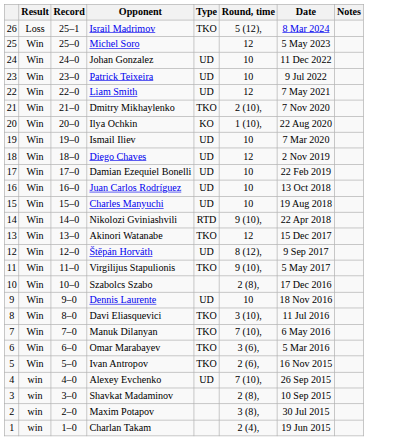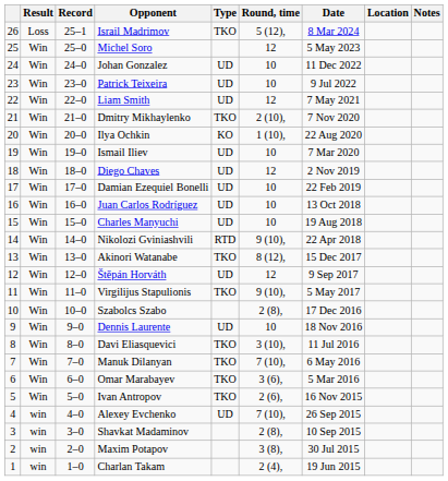 <table class="wikitable" style="text-align:center">
 <tr>
 <th></th>
 <th>Result</th>
 <th>Record</th>
 <th>Opponent</th>
 <th>Type</th>
 <th>Round, time</th>
 <th>Date</th>
+<th>Location</th>
 <th>Notes</th>
 </tr>
 <tr>
 <td>26</td>
 <td>Loss</td>
 <td>25–1</td>
 <td align=left><a href='#'>Israil Madrimov</a></td>
 <td>TKO</td>
 <td>5 (12), </td>
 <td><a href='#'>8 Mar 2024</a></td>
 <td align=left></td>
+<td align=left></td>
 </tr>
 <tr>
 <td>25</td>
 <td>Win</td>
 <td>25–0</td>
 <td style="text-align:left;"><a href='#'>Michel Soro</a></td>
 <td></td>
 <td>12</td>
 <td>5 May 2023</td>
+<td style="text-align:left;"></td>
 <td></td>
 </tr>
 <tr>
 <td>24</td>
 <td>Win</td>
 <td>24–0</td>
 <td style="text-align:left;">Johan Gonzalez</td>
 <td>UD</td>
 <td>10</td>
 <td>11 Dec 2022</td>
+<td style="text-align:left;"></td>
 <td></td>
 </tr>
 <tr>
 <td>23</td>
 <td>Win</td>
 <td>23–0</td>
 <td style="text-align:left;"><a href='#'>Patrick Teixeira</a></td>
 <td>UD</td>
 <td>10</td>
 <td>9 Jul 2022</td>
+<td style="text-align:left;"></td>
 <td></td>
 </tr>
 <tr>
 <td>22</td>
 <td>Win</td>
 <td>22–0</td>
 <td style="text-align:left;"><a href='#'>Liam Smith</a></td>
 <td>UD</td>
 <td>12</td>
 <td>7 May 2021</td>
 <td style="text-align:left;"></td>
+<td style="text-align:left;"></td>
 </tr>
 <tr>
 <td>21</td>
 <td>Win</td>
 <td>21–0</td>
 <td style="text-align:left;">Dmitry Mikhaylenko</td>
 <td>TKO</td>
 <td>2 (10), </td>
 <td>7 Nov 2020</td>
+<td style="text-align:left;"></td>
 <td style="text-align:left;"></td>
 </tr>
 <tr>
 <td>20</td>
 <td>Win</td>
 <td>20–0</td>
 <td style="text-align:left;">Ilya Ochkin</td>
 <td>KO</td>
 <td>1 (10), </td>
 <td>22 Aug 2020</td>
 <td style="text-align:left;"></td>
+<td style="text-align:left;"></td>
 </tr>
 <tr>
 <td>19</td>
 <td>Win</td>
 <td>19–0</td>
 <td style="text-align:left;">Ismail Iliev</td>
 <td>UD</td>
 <td>10</td>
 <td>7 Mar 2020</td>
+<td style="text-align:left;"></td>
 <td style="text-align:left;"></td>
 </tr>
 <tr>
 <td>18</td>
 <td>Win</td>
 <td>18–0</td>
 <td style="text-align:left;"><a href='#'>Diego Chaves</a></td>
 <td>UD</td>
 <td>12</td>
 <td>2 Nov 2019</td>
 <td style="text-align:left;"></td>
+<td style="text-align:left;"></td>
 </tr>
 <tr>
 <td>17</td>
 <td>Win</td>
 <td>17–0</td>
 <td style="text-align:left;">Damian Ezequiel Bonelli</td>
 <td>UD</td>
 <td>10</td>
 <td>22 Feb 2019</td>
+<td style="text-align:left;"></td>
 <td style="text-align:left;"></td>
 </tr>
 <tr>
 <td>16</td>
 <td>Win</td>
 <td>16–0</td>
 <td style="text-align:left;"><a href='#'>Juan Carlos Rodríguez</a></td>
 <td>UD</td>
 <td>10</td>
 <td>13 Oct 2018</td>
 <td style="text-align:left;"></td>
+<td style="text-align:left;"></td>
 </tr>
 <tr>
 <td>15</td>
 <td>Win</td>
 <td>15–0</td>
 <td style="text-align:left;"><a href='#'>Charles Manyuchi</a></td>
 <td>UD</td>
 <td>10</td>
 <td>19 Aug 2018</td>
+<td style="text-align:left;"></td>
 <td style="text-align:left;"></td>
 </tr>
 <tr>
 <td>14</td>
 <td>Win</td>
 <td>14–0</td>
 <td style="text-align:left;">Nikolozi Gviniashvili</td>
 <td>RTD</td>
 <td>9 (10), </td>
 <td>22 Apr 2018</td>
 <td style="text-align:left;"></td>
+<td style="text-align:left;"></td>
 </tr>
 <tr>
 <td>13</td>
 <td>Win</td>
 <td>13–0</td>
 <td style="text-align:left;">Akinori Watanabe</td>
 <td>TKO</td>
-<td>12</td>
+<td>8 (12), </td>
 <td>15 Dec 2017</td>
+<td style="text-align:left;"></td>
 <td style="text-align:left;"></td>
 </tr>
 <tr>
 <td>12</td>
 <td>Win</td>
 <td>12–0</td>
 <td style="text-align:left;"><a href='#'>Štěpán Horváth</a></td>
 <td>UD</td>
-<td>8 (12), </td>
+<td>12</td>
 <td>9 Sep 2017</td>
+<td style="text-align:left;"></td>
 <td style="text-align:left;"></td>
 </tr>
 <tr>
 <td>11</td>
 <td>Win</td>
 <td>11–0</td>
 <td style="text-align:left;">Virgilijus Stapulionis</td>
 <td>TKO</td>
 <td>9 (10), </td>
 <td>5 May 2017</td>
 <td style="text-align:left;"></td>
+<td style="text-align:left;"></td>
 </tr>
 <tr>
 <td>10</td>
 <td>Win</td>
 <td>10–0</td>
 <td style="text-align:left;">Szabolcs Szabo</td>
 <td></td>
 <td>2 (8), </td>
 <td>17 Dec 2016</td>
+<td style="text-align:left;"></td>
 <td style="text-align:left;"></td>
 </tr>
 <tr>
 <td>9</td>
 <td>Win</td>
 <td>9–0</td>
 <td style="text-align:left;"><a href='#'>Dennis Laurente</a></td>
 <td>UD</td>
 <td>10</td>
 <td>18 Nov 2016</td>
 <td style="text-align:left;"></td>
+<td style="text-align:left;"></td>
 </tr>
 <tr>
 <td>8</td>
 <td>Win</td>
 <td>8–0</td>
 <td style="text-align:left;">Davi Eliasquevici</td>
 <td>TKO</td>
 <td>3 (10), </td>
 <td>11 Jul 2016</td>
+<td style="text-align:left;"></td>
 <td style="text-align:left;"></td>
 </tr>
 <tr>
 <td>7</td>
 <td>Win</td>
 <td>7–0</td>
 <td style="text-align:left;">Manuk Dilanyan</td>
 <td>TKO</td>
 <td>7 (10), </td>
 <td>6 May 2016</td>
 <td style="text-align:left;"></td>
+<td style="text-align:left;"></td>
 </tr>
 <tr>
 <td>6</td>
 <td>Win</td>
 <td>6–0</td>
 <td style="text-align:left;">Omar Marabayev</td>
 <td>TKO</td>
 <td>3 (6), </td>
 <td>5 Mar 2016</td>
+<td style="text-align:left;"></td>
 <td></td>
 </tr>
 <tr>
 <td>5</td>
 <td>Win</td>
 <td>5–0</td>
 <td style="text-align:left;">Ivan Antropov</td>
 <td>TKO</td>
 <td>2 (6), </td>
 <td>16 Nov 2015</td>
+<td style="text-align:left;"></td>
 <td></td>
 </tr>
 <tr>
 <td>4</td>
 <td>win</td>
 <td>4–0</td>
 <td style="text-align:left;">Alexey Evchenko</td>
 <td>UD</td>
 <td>7 (10), </td>
 <td>26 Sep 2015</td>
+<td style="text-align:left;"></td>
 <td></td>
 </tr>
 <tr>
 <td>3</td>
 <td>win</td>
 <td>3–0</td>
 <td style="text-align:left;">Shavkat Madaminov</td>
 <td></td>
 <td>2 (8), </td>
 <td>10 Sep 2015</td>
+<td style="text-align:left;"></td>
 <td></td>
 </tr>
 <tr>
 <td>2</td>
 <td>win</td>
 <td>2–0</td>
 <td style="text-align:left;">Maxim Potapov</td>
 <td></td>
 <td>3 (8), </td>
 <td>30 Jul 2015</td>
+<td style="text-align:left;"></td>
 <td></td>
 </tr>
 <tr>
 <td>1</td>
 <td>win</td>
 <td>1–0</td>
 <td style="text-align:left;">Charlan Takam</td>
 <td></td>
 <td>2 (4), </td>
 <td>19 Jun 2015</td>
+<td style="text-align:left;"></td>
 <td></td>
 </tr>
 </table>
